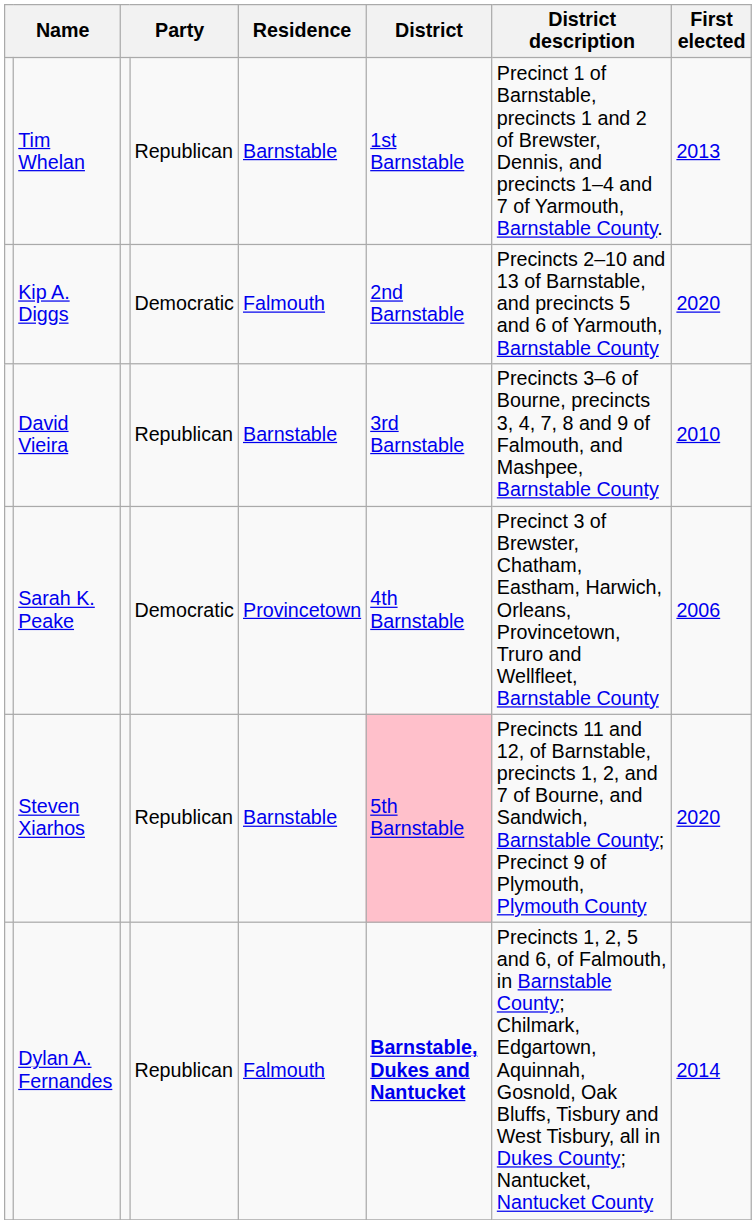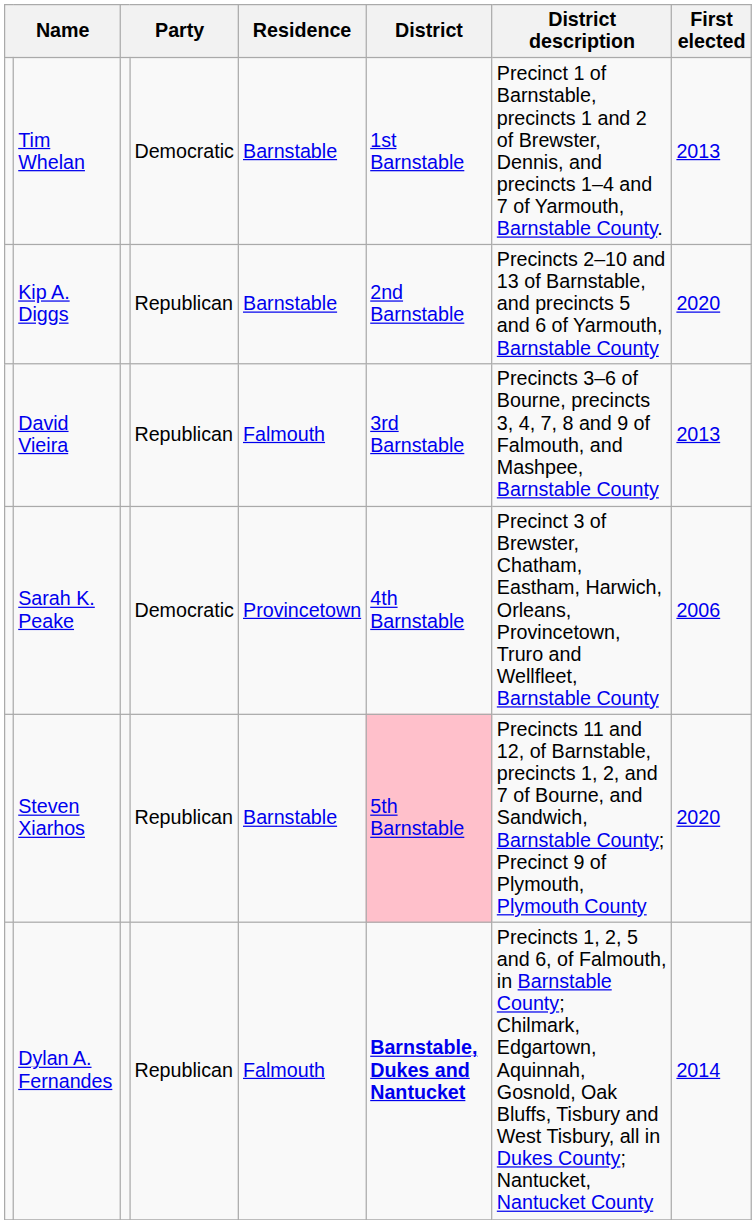 <table class="wikitable sortable" style="text-align:left;">
 <tr>
 <th colspan="2">Name </th>
 <th colspan=2>Party</th>
 <th>Residence</th>
 <th>District </th>
 <th>District description</th>
 <th>First elected</th>
 </tr>
 <tr>
 <td></td>
 <td><a href='#'>Tim Whelan</a></td>
 <td style="background-color:"></td>
-<td>Republican</td>
+<td>Democratic</td>
 <td><a href='#'>Barnstable</a></td>
 <td><a href='#'>1st Barnstable</a></td>
 <td>Precinct 1 of Barnstable, precincts 1 and 2 of Brewster, Dennis, and precincts 1–4 and 7 of Yarmouth, <a href='#'>Barnstable County</a>.</td>
 <td><a href='#'>2013</a></td>
 </tr>
 <tr>
 <td></td>
 <td><a href='#'>Kip A. Diggs</a></td>
 <td style="background-color:"></td>
-<td>Democratic</td>
-<td><a href='#'>Falmouth</a></td>
+<td>Republican</td>
+<td><a href='#'>Barnstable</a></td>
 <td><a href='#'>2nd Barnstable</a></td>
 <td>Precincts 2–10 and 13 of Barnstable, and precincts 5 and 6 of Yarmouth, <a href='#'>Barnstable County</a></td>
 <td><a href='#'>2020</a></td>
 </tr>
 <tr>
 <td></td>
 <td><a href='#'>David Vieira</a></td>
 <td style="background-color:"></td>
 <td>Republican</td>
-<td><a href='#'>Barnstable</a></td>
+<td><a href='#'>Falmouth</a></td>
 <td><a href='#'>3rd Barnstable</a></td>
 <td>Precincts 3–6 of Bourne, precincts 3, 4, 7, 8 and 9 of Falmouth, and Mashpee, <a href='#'>Barnstable County</a></td>
-<td><a href='#'>2010</a></td>
+<td><a href='#'>2013</a></td>
 </tr>
 <tr>
 <td></td>
 <td><a href='#'>Sarah K. Peake</a></td>
 <td style="background-color:"></td>
 <td>Democratic</td>
 <td><a href='#'>Provincetown</a></td>
 <td><a href='#'>4th Barnstable</a></td>
 <td>Precinct 3 of Brewster, Chatham, Eastham, Harwich, Orleans, Provincetown, Truro and Wellfleet, <a href='#'>Barnstable County</a></td>
 <td><a href='#'>2006</a></td>
 </tr>
 <tr>
 <td></td>
 <td><a href='#'>Steven Xiarhos</a></td>
 <td style="background-color:"></td>
 <td>Republican</td>
 <td><a href='#'>Barnstable</a></td>
 <td style="background: pink;"><a href='#'>5th Barnstable</a></td>
 <td>Precincts 11 and 12, of Barnstable, precincts 1, 2, and 7 of Bourne, and Sandwich, <a href='#'>Barnstable County</a>;<br>Precinct 9 of Plymouth, <a href='#'>Plymouth County</a></td>
 <td><a href='#'>2020</a></td>
 </tr>
 <tr>
 <td></td>
 <td><a href='#'>Dylan A. Fernandes</a></td>
 <td style="background-color:"></td>
 <td>Republican</td>
 <td><a href='#'>Falmouth</a></td>
 <td><strong><a href='#'>Barnstable, Dukes and Nantucket</a></strong></td>
 <td>Precincts 1, 2, 5 and 6, of Falmouth, in <a href='#'>Barnstable County</a>;<br>Chilmark, Edgartown, Aquinnah, Gosnold, Oak Bluffs, Tisbury and West Tisbury, all in <a href='#'>Dukes County</a>;<br>Nantucket, <a href='#'>Nantucket County</a></td>
 <td><a href='#'>2014</a></td>
 </tr>
 </table>
